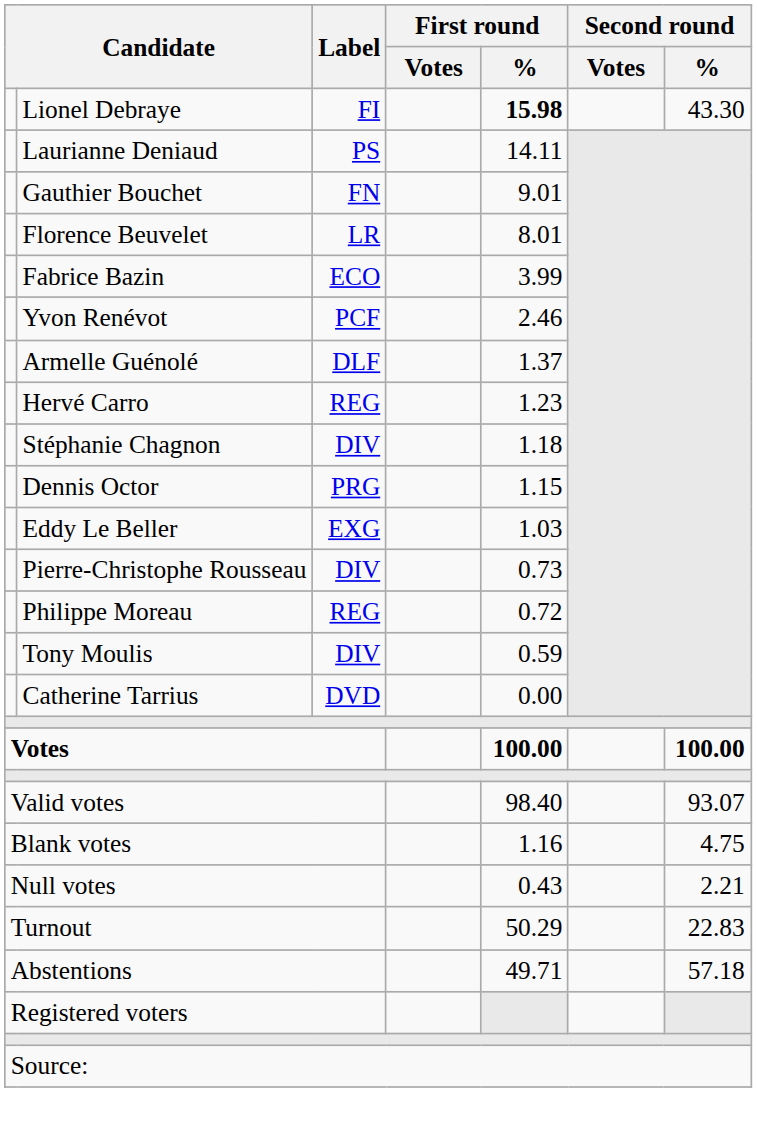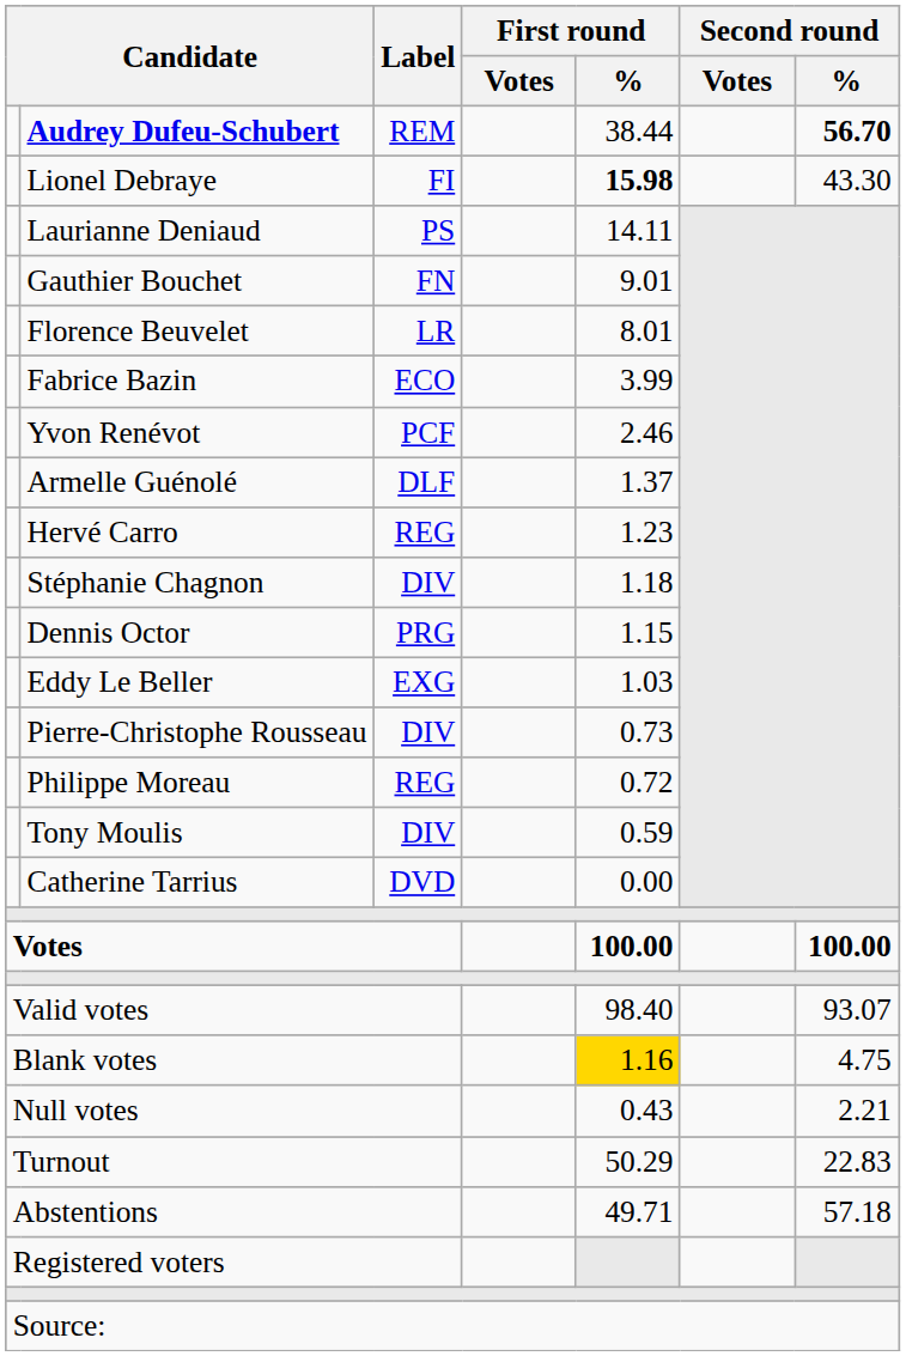 <table class="wikitable" style="text-align:right;font-size:95%;">
 <tr>
 <th rowspan="2" colspan="2">Candidate</th>
 <th rowspan="2">Label</th>
 <th colspan="2">First round</th>
 <th colspan="2">Second round</th>
 </tr>
 <tr>
 <th style="width:50px;">Votes</th>
 <th style="width:45px;">%</th>
 <th style="width:50px;">Votes</th>
 <th style="width:45px;">%</th>
+</tr>
+<tr>
+<td style="color:inherit;background:"></td>
+<td style="text-align:left;"><strong><a href='#'>Audrey Dufeu-Schubert</a></strong></td>
+<td><a href='#'>REM</a></td>
+<td></td>
+<td>38.44</td>
+<td><strong></strong></td>
+<td><strong>56.70</strong></td>
 </tr>
 <tr>
 <td style="color:inherit;background:"></td>
 <td style="text-align:left;">Lionel Debraye</td>
 <td><a href='#'>FI</a></td>
 <td></td>
 <td><strong>15.98</strong></td>
 <td></td>
 <td>43.30</td>
 </tr>
 <tr>
 <td style="color:inherit;background:"></td>
 <td style="text-align:left;">Laurianne Deniaud</td>
 <td><a href='#'>PS</a></td>
 <td></td>
 <td>14.11</td>
 <td colspan="2" rowspan="14" style="background:#E9E9E9;"></td>
 </tr>
 <tr>
 <td style="color:inherit;background:"></td>
 <td style="text-align:left;">Gauthier Bouchet</td>
 <td><a href='#'>FN</a></td>
 <td></td>
 <td>9.01</td>
 </tr>
 <tr>
 <td style="color:inherit;background:"></td>
 <td style="text-align:left;">Florence Beuvelet</td>
 <td><a href='#'>LR</a></td>
 <td></td>
 <td>8.01</td>
 </tr>
 <tr>
 <td style="color:inherit;background:"></td>
 <td style="text-align:left;">Fabrice Bazin</td>
 <td><a href='#'>ECO</a></td>
 <td></td>
 <td>3.99</td>
 </tr>
 <tr>
 <td style="color:inherit;background:"></td>
 <td style="text-align:left;">Yvon Renévot</td>
 <td><a href='#'>PCF</a></td>
 <td></td>
 <td>2.46</td>
 </tr>
 <tr>
 <td style="color:inherit;background:"></td>
 <td style="text-align:left;">Armelle Guénolé</td>
 <td><a href='#'>DLF</a></td>
 <td></td>
 <td>1.37</td>
 </tr>
 <tr>
 <td style="color:inherit;background:"></td>
 <td style="text-align:left;">Hervé Carro</td>
 <td><a href='#'>REG</a></td>
 <td></td>
 <td>1.23</td>
 </tr>
 <tr>
 <td style="color:inherit;background:"></td>
 <td style="text-align:left;">Stéphanie Chagnon</td>
 <td><a href='#'>DIV</a></td>
 <td></td>
 <td>1.18</td>
 </tr>
 <tr>
 <td style="color:inherit;background:"></td>
 <td style="text-align:left;">Dennis Octor</td>
 <td><a href='#'>PRG</a></td>
 <td></td>
 <td>1.15</td>
 </tr>
 <tr>
 <td style="color:inherit;background:"></td>
 <td style="text-align:left;">Eddy Le Beller</td>
 <td><a href='#'>EXG</a></td>
 <td></td>
 <td>1.03</td>
 </tr>
 <tr>
 <td style="color:inherit;background:"></td>
 <td style="text-align:left;">Pierre-Christophe Rousseau</td>
 <td><a href='#'>DIV</a></td>
 <td></td>
 <td>0.73</td>
 </tr>
 <tr>
 <td style="color:inherit;background:"></td>
 <td style="text-align:left;">Philippe Moreau</td>
 <td><a href='#'>REG</a></td>
 <td></td>
 <td>0.72</td>
 </tr>
 <tr>
 <td style="color:inherit;background:"></td>
 <td style="text-align:left;">Tony Moulis</td>
 <td><a href='#'>DIV</a></td>
 <td></td>
 <td>0.59</td>
 </tr>
 <tr>
 <td style="color:inherit;background:"></td>
 <td style="text-align:left;">Catherine Tarrius</td>
 <td><a href='#'>DVD</a></td>
 <td></td>
 <td>0.00</td>
 </tr>
 <tr>
 <td colspan="7" style="background:#E9E9E9;"></td>
 </tr>
 <tr style="font-weight:bold;">
 <td colspan="3" style="text-align:left;">Votes</td>
 <td></td>
 <td>100.00</td>
 <td></td>
 <td>100.00</td>
 </tr>
 <tr>
 <td colspan="7" style="background:#E9E9E9;"></td>
 </tr>
 <tr>
 <td colspan="3" style="text-align:left;">Valid votes</td>
 <td></td>
 <td>98.40</td>
 <td></td>
 <td>93.07</td>
 </tr>
 <tr>
 <td colspan="3" style="text-align:left;">Blank votes</td>
 <td></td>
-<td>1.16</td>
+<td style="background: gold;">1.16</td>
 <td></td>
 <td>4.75</td>
 </tr>
 <tr>
 <td colspan="3" style="text-align:left;">Null votes</td>
 <td></td>
 <td>0.43</td>
 <td></td>
 <td>2.21</td>
 </tr>
 <tr>
 <td colspan="3" style="text-align:left;">Turnout</td>
 <td></td>
 <td>50.29</td>
 <td></td>
 <td>22.83</td>
 </tr>
 <tr>
 <td colspan="3" style="text-align:left;">Abstentions</td>
 <td></td>
 <td>49.71</td>
 <td></td>
 <td>57.18</td>
 </tr>
 <tr>
 <td colspan="3" style="text-align:left;">Registered voters</td>
 <td></td>
 <td style="color:inherit;background:#E9E9E9;"></td>
 <td></td>
 <td style="color:inherit;background:#E9E9E9;"></td>
 </tr>
 <tr>
 <td colspan="7" style="background:#E9E9E9;"></td>
 </tr>
 <tr>
 <td colspan="7" style="text-align:left;">Source: </td>
 </tr>
 </table>
